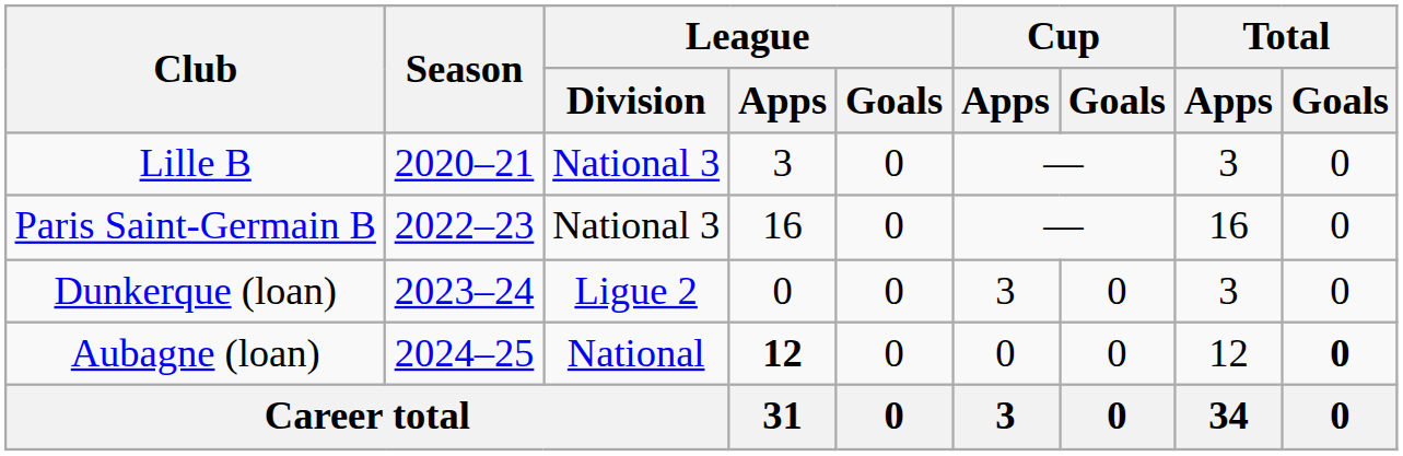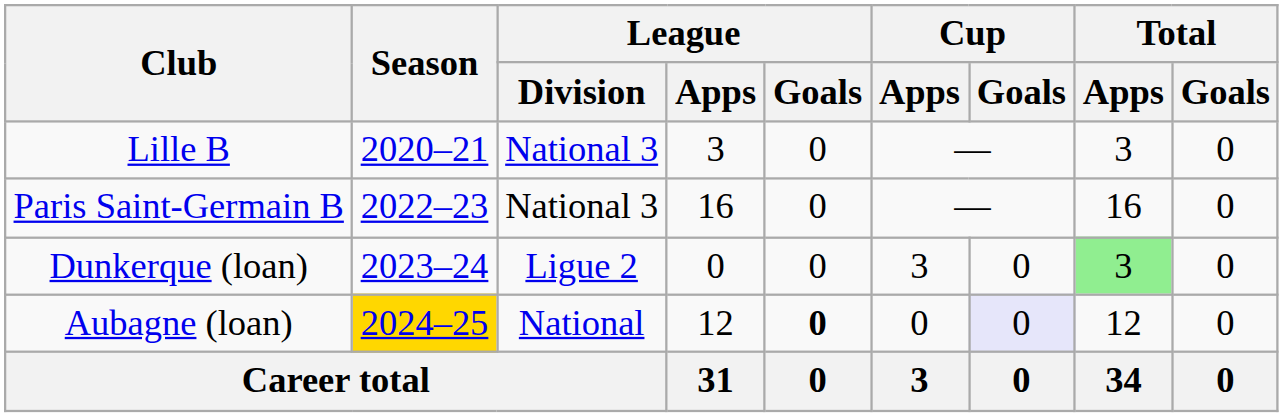 <table class="wikitable" style="text-align:center">
 <tr>
 <th rowspan="2">Club</th>
 <th rowspan="2">Season</th>
 <th colspan="3">League</th>
 <th colspan="2">Cup</th>
 <th colspan="2">Total</th>
 </tr>
 <tr>
 <th>Division</th>
 <th>Apps</th>
 <th>Goals</th>
 <th>Apps</th>
 <th>Goals</th>
 <th>Apps</th>
 <th>Goals</th>
 </tr>
 <tr>
 <td><a href='#'>Lille B</a></td>
 <td><a href='#'>2020–21</a></td>
 <td><a href='#'>National 3</a></td>
 <td>3</td>
 <td>0</td>
 <td colspan="2">—</td>
 <td>3</td>
 <td>0</td>
 </tr>
 <tr>
 <td><a href='#'>Paris Saint-Germain B</a></td>
 <td><a href='#'>2022–23</a></td>
 <td>National 3</td>
 <td>16</td>
 <td>0</td>
 <td colspan="2">—</td>
 <td>16</td>
 <td>0</td>
 </tr>
 <tr>
 <td><a href='#'>Dunkerque</a> (loan)</td>
 <td><a href='#'>2023–24</a></td>
 <td><a href='#'>Ligue 2</a></td>
 <td>0</td>
 <td>0</td>
 <td>3</td>
 <td>0</td>
-<td>3</td>
+<td style="background: lightgreen;">3</td>
 <td>0</td>
 </tr>
 <tr>
 <td><a href='#'>Aubagne</a> (loan)</td>
-<td><a href='#'>2024–25</a></td>
+<td style="background: gold;"><a href='#'>2024–25</a></td>
 <td><a href='#'>National</a></td>
-<td><strong>12</strong></td>
-<td>0</td>
-<td>0</td>
-<td>0</td>
 <td>12</td>
 <td><strong>0</strong></td>
+<td>0</td>
+<td style="background: lavender;">0</td>
+<td>12</td>
+<td>0</td>
 </tr>
 <tr>
 <th colspan="3">Career total</th>
 <th>31</th>
 <th>0</th>
 <th>3</th>
 <th>0</th>
 <th>34</th>
 <th>0</th>
 </tr>
 </table>
